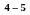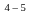 <table style="text-align:center">
 <tr>
 <th width=200></th>
 <th width=100></th>
 <th width=200></th>
 </tr>
 <tr>
 <td align=right></td>
-<td><strong>4 – 5</strong></td>
+<td>4 – 5</td>
 <td align=left><strong></strong></td>
 </tr>
 </table>
